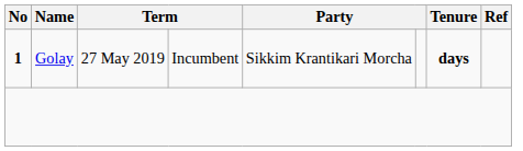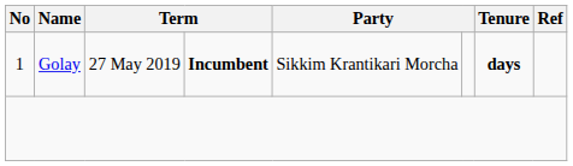 <table class="wikitable sortable">
 <tr>
 <th scope=col>No</th>
 <th scope=col>Name</th>
 <th scope=col colspan=2>Term</th>
 <th scope=col colspan=2>Party</th>
 <th scope=col>Tenure</th>
 <th>Ref</th>
 </tr>
 <tr align=center style="height: 60px;">
-<td><strong>1</strong></td>
+<td>1</td>
 <td><a href='#'>Golay</a></td>
 <td>27 May 2019</td>
-<td>Incumbent</td>
+<td><strong>Incumbent</strong></td>
 <td>Sikkim Krantikari Morcha</td>
 <td width="4px" style="background-color: "></td>
 <td><strong> days</strong></td>
 <td></td>
 </tr>
 <tr align=center style="height: 60px;">
 </tr>
 </table>
